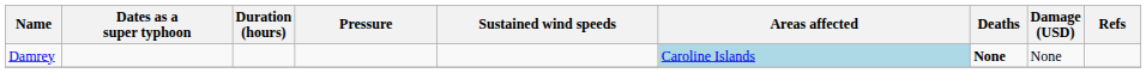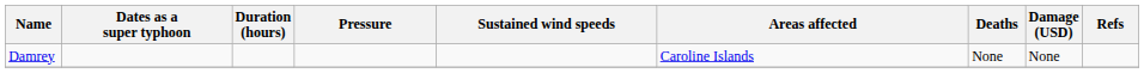 <table class="wikitable sortable" width="100%">
 <tr>
 <th scope="col" width="5%">Name</th>
 <th scope="col" width="15%" data-sort-type="isoDate">Dates as a<br>super typhoon</th>
 <th scope="col" width="5%">Duration<br>(hours)</th>
 <th scope="col" width="12.5%">Pressure</th>
 <th scope="col">Sustained wind speeds</th>
 <th scope="col" width="27.5%" class="unsortable">Areas affected</th>
 <th scope="col" width="5%">Deaths</th>
 <th scope="col" width="5%">Damage<br>(USD)</th>
 <th scope="col" width="5%" class="unsortable">Refs</th>
 </tr>
 <tr>
 <td><a href='#'>Damrey</a></td>
 <td></td>
 <td></td>
 <td></td>
 <td></td>
-<td style="background: lightblue;"><a href='#'>Caroline Islands</a></td>
-<td><strong>None</strong></td>
+<td><a href='#'>Caroline Islands</a></td>
+<td>None</td>
 <td>None</td>
 <td></td>
 </tr>
 <tr>
 </tr>
 </table>
